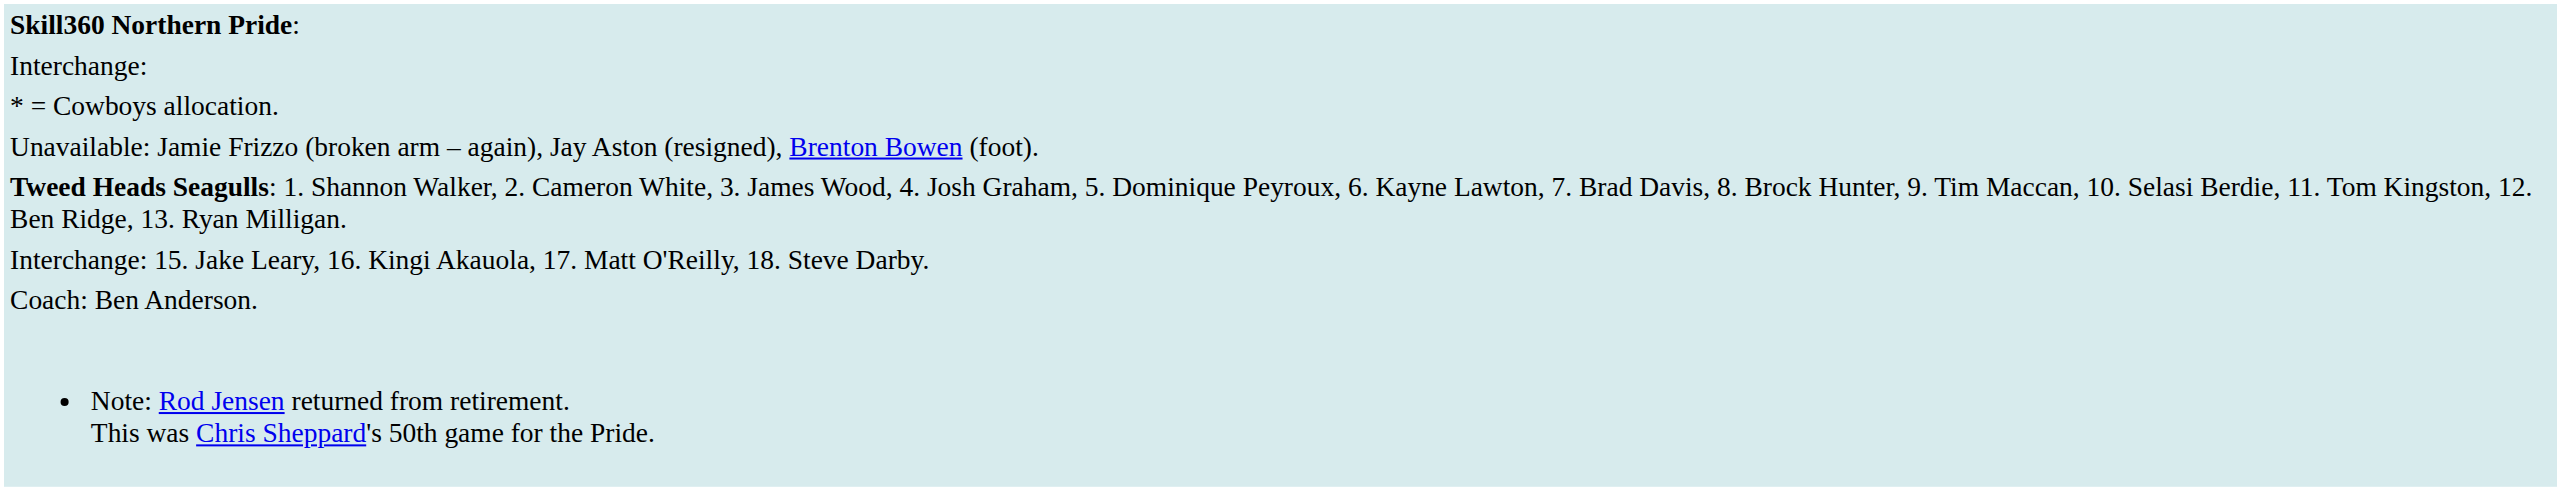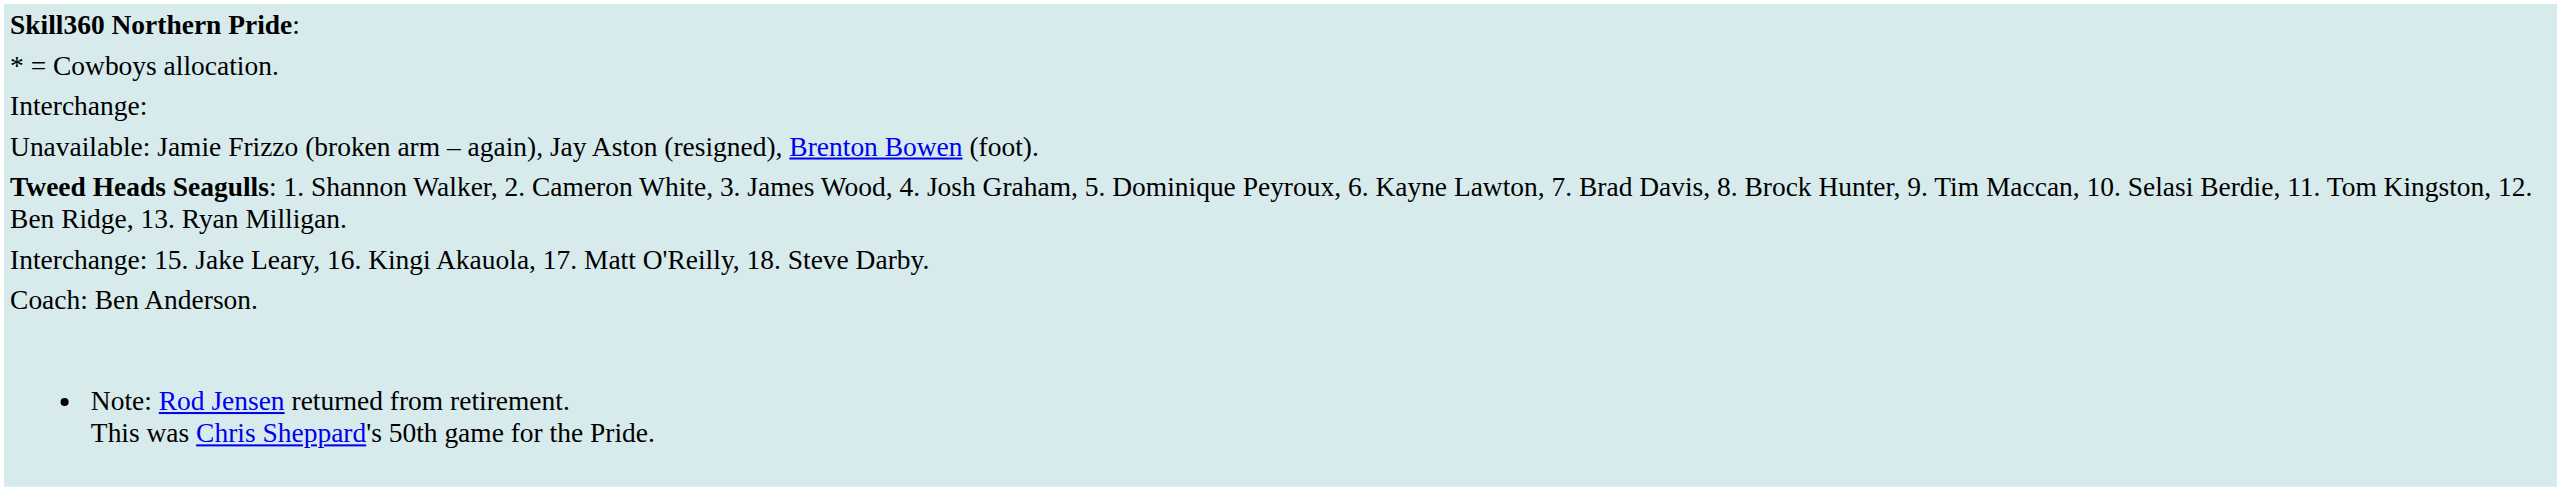 <table style="background:#d7ebed; font-size:85%; width:100%;">
 <tr>
 <td><strong>Skill360 Northern Pride</strong>:            </td>
 </tr>
 <tr>
-<td>Interchange:    </td>
+<td>* = Cowboys allocation.</td>
 </tr>
 <tr>
-<td>* = Cowboys allocation.</td>
+<td>Interchange:    </td>
 </tr>
 <tr>
 <td>Unavailable: Jamie Frizzo (broken arm – again), Jay Aston (resigned), <a href='#'>Brenton Bowen</a> (foot).</td>
 </tr>
 <tr>
 <td><strong>Tweed Heads Seagulls</strong>: 1. Shannon Walker, 2. Cameron White, 3. James Wood, 4. Josh Graham, 5. Dominique Peyroux, 6. Kayne Lawton, 7. Brad Davis, 8. Brock Hunter, 9. Tim Maccan, 10. Selasi Berdie, 11. Tom Kingston, 12. Ben Ridge, 13. Ryan Milligan.</td>
 </tr>
 <tr>
 <td>Interchange: 15. Jake Leary, 16. Kingi Akauola, 17. Matt O'Reilly, 18. Steve Darby.</td>
 </tr>
 <tr>
 <td>Coach: Ben Anderson.</td>
 </tr>
 <tr>
 <td><br><ul><li>Note: <a href='#'>Rod Jensen</a> returned from retirement.<br>This was <a href='#'>Chris Sheppard</a>'s 50th game for the Pride.</li></ul></td>
 </tr>
 <tr>
 </tr>
 </table>
